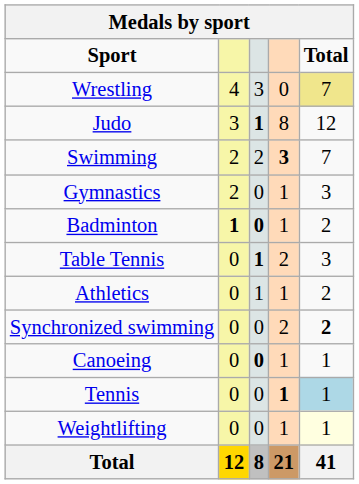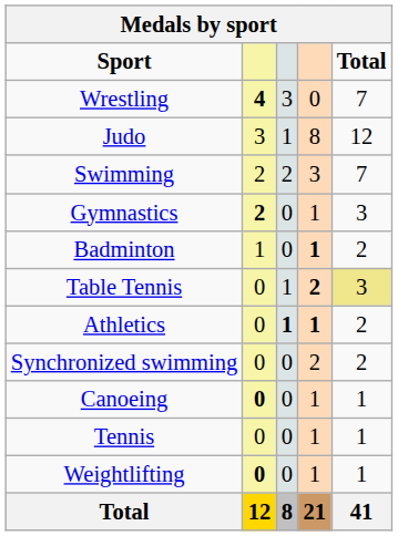 <table class="wikitable" style="font-size:95%; float:right;">
 <tr style="background:#efefef;">
 <th colspan=7>Medals by sport</th>
 </tr>
 <tr align=center>
 <td><strong>Sport</strong></td>
 <td style="background:#f7f6a8;"></td>
 <td style="background:#dce5e5;"></td>
 <td style="background:#ffdab9;"></td>
 <td><strong>Total</strong></td>
 </tr>
 <tr align=center>
 <td><a href='#'>Wrestling</a></td>
-<td style="background:#f7f6a8;">4</td>
+<td style="background:#f7f6a8;"><strong>4</strong></td>
 <td style="background:#dce5e5;">3</td>
 <td style="background:#ffdab9;">0</td>
-<td style="background: khaki;">7</td>
+<td>7</td>
 </tr>
 <tr align=center>
 <td><a href='#'>Judo</a></td>
 <td style="background:#f7f6a8;">3</td>
-<td style="background:#dce5e5;"><strong>1</strong></td>
+<td style="background:#dce5e5;">1</td>
 <td style="background:#ffdab9;">8</td>
 <td>12</td>
 </tr>
 <tr align=center>
 <td><a href='#'>Swimming</a></td>
 <td style="background:#f7f6a8;">2</td>
 <td style="background:#dce5e5;">2</td>
-<td style="background:#ffdab9;"><strong>3</strong></td>
+<td style="background:#ffdab9;">3</td>
 <td>7</td>
 </tr>
 <tr align=center>
 <td><a href='#'>Gymnastics</a></td>
-<td style="background:#f7f6a8;">2</td>
+<td style="background:#f7f6a8;"><strong>2</strong></td>
 <td style="background:#dce5e5;">0</td>
 <td style="background:#ffdab9;">1</td>
 <td>3</td>
 </tr>
 <tr align=center>
 <td><a href='#'>Badminton</a></td>
-<td style="background:#f7f6a8;"><strong>1</strong></td>
-<td style="background:#dce5e5;"><strong>0</strong></td>
-<td style="background:#ffdab9;">1</td>
+<td style="background:#f7f6a8;">1</td>
+<td style="background:#dce5e5;">0</td>
+<td style="background:#ffdab9;"><strong>1</strong></td>
 <td>2</td>
 </tr>
 <tr align=center>
 <td><a href='#'>Table Tennis</a></td>
 <td style="background:#f7f6a8;">0</td>
-<td style="background:#dce5e5;"><strong>1</strong></td>
-<td style="background:#ffdab9;">2</td>
-<td>3</td>
+<td style="background:#dce5e5;">1</td>
+<td style="background:#ffdab9;"><strong>2</strong></td>
+<td style="background: khaki;">3</td>
 </tr>
 <tr align=center>
 <td><a href='#'>Athletics</a></td>
 <td style="background:#f7f6a8;">0</td>
-<td style="background:#dce5e5;">1</td>
-<td style="background:#ffdab9;">1</td>
+<td style="background:#dce5e5;"><strong>1</strong></td>
+<td style="background:#ffdab9;"><strong>1</strong></td>
 <td>2</td>
 </tr>
 <tr align=center>
 <td><a href='#'>Synchronized swimming</a></td>
 <td style="background:#f7f6a8;">0</td>
 <td style="background:#dce5e5;">0</td>
 <td style="background:#ffdab9;">2</td>
-<td><strong>2</strong></td>
+<td>2</td>
 </tr>
 <tr align=center>
 <td><a href='#'>Canoeing</a></td>
-<td style="background:#f7f6a8;">0</td>
-<td style="background:#dce5e5;"><strong>0</strong></td>
+<td style="background:#f7f6a8;"><strong>0</strong></td>
+<td style="background:#dce5e5;">0</td>
 <td style="background:#ffdab9;">1</td>
 <td>1</td>
 </tr>
 <tr align=center>
 <td><a href='#'>Tennis</a></td>
 <td style="background:#f7f6a8;">0</td>
 <td style="background:#dce5e5;">0</td>
-<td style="background:#ffdab9;"><strong>1</strong></td>
-<td style="background: lightblue;">1</td>
+<td style="background:#ffdab9;">1</td>
+<td>1</td>
 </tr>
 <tr align=center>
 <td><a href='#'>Weightlifting</a></td>
-<td style="background:#f7f6a8;">0</td>
+<td style="background:#f7f6a8;"><strong>0</strong></td>
 <td style="background:#dce5e5;">0</td>
 <td style="background:#ffdab9;">1</td>
-<td style="background: lightyellow;">1</td>
+<td>1</td>
 </tr>
 <tr align=center>
 <th>Total</th>
 <th style="background:gold;">12</th>
 <th style="background:silver;">8</th>
 <th style="background:#c96;">21</th>
 <th>41</th>
 </tr>
 </table>
